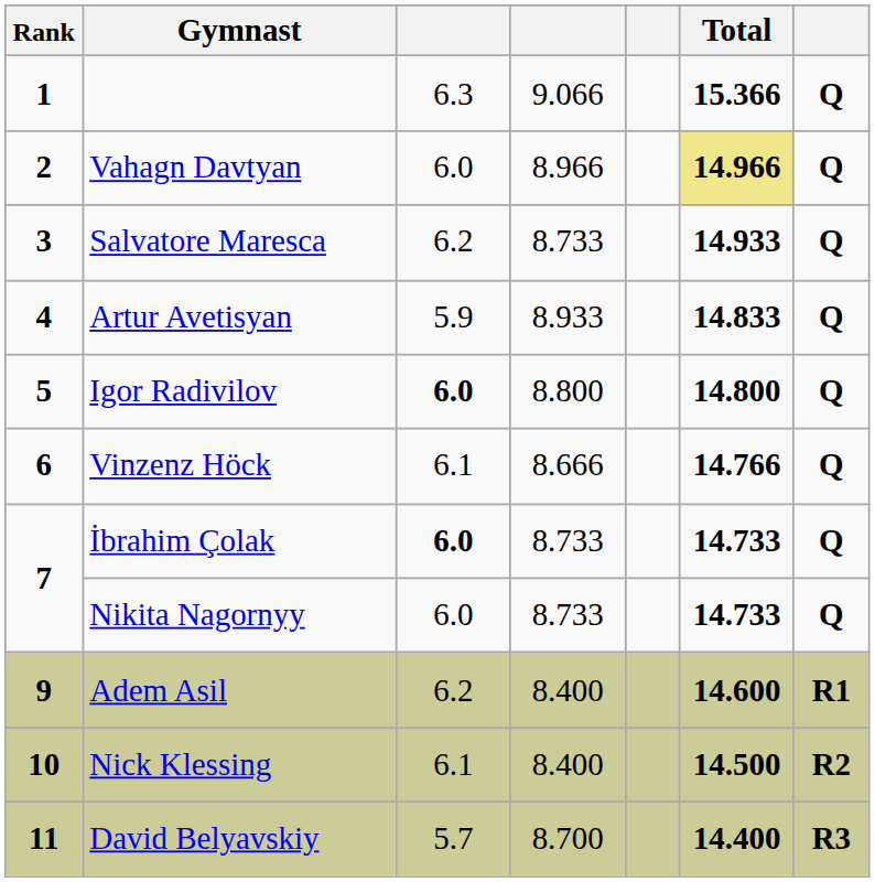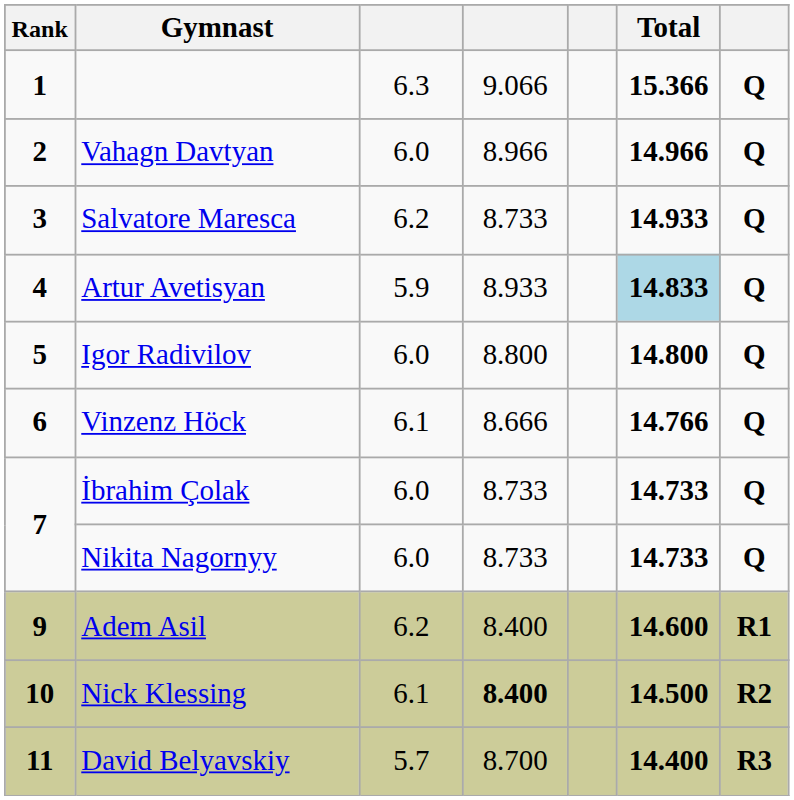 <table style="text-align:center;" class="wikitable sortable">
 <tr>
 <th scope="col" style="width:15px;"><small>Rank</small></th>
 <th scope="col" style="width:150px;">Gymnast</th>
 <th scope="col" style="width:50px;"><small></small></th>
 <th scope="col" style="width:50px;"><small></small></th>
 <th scope="col" style="width:20px;"><small></small></th>
 <th scope="col" style="width:50px;">Total</th>
 <th scope="col" style="width:30px;"><small></small></th>
 </tr>
 <tr>
 <td scope="row" style="text-align:center"><strong>1</strong></td>
 <td style="height:30px; text-align:left;"></td>
 <td>6.3</td>
 <td>9.066</td>
 <td></td>
 <td><strong>15.366</strong></td>
 <td><strong>Q</strong></td>
 </tr>
 <tr>
 <td scope="row" style="text-align:center"><strong>2</strong></td>
 <td style="height:30px; text-align:left;"> <a href='#'>Vahagn Davtyan</a></td>
 <td>6.0</td>
 <td>8.966</td>
 <td></td>
-<td style="background: khaki;"><strong>14.966</strong></td>
+<td><strong>14.966</strong></td>
 <td><strong>Q</strong></td>
 </tr>
 <tr>
 <td scope="row" style="text-align:center"><strong>3</strong></td>
 <td style="height:30px; text-align:left;"> <a href='#'>Salvatore Maresca</a></td>
 <td>6.2</td>
 <td>8.733</td>
 <td></td>
 <td><strong>14.933</strong></td>
 <td><strong>Q</strong></td>
 </tr>
 <tr>
 <td scope="row" style="text-align:center"><strong>4</strong></td>
 <td style="height:30px; text-align:left;"> <a href='#'>Artur Avetisyan</a></td>
 <td>5.9</td>
 <td>8.933</td>
 <td></td>
-<td><strong>14.833</strong></td>
+<td style="background: lightblue;"><strong>14.833</strong></td>
 <td><strong>Q</strong></td>
 </tr>
 <tr>
 <td scope="row" style="text-align:center"><strong>5</strong></td>
 <td style="height:30px; text-align:left;"> <a href='#'>Igor Radivilov</a></td>
-<td><strong>6.0</strong></td>
+<td>6.0</td>
 <td>8.800</td>
 <td></td>
 <td><strong>14.800</strong></td>
 <td><strong>Q</strong></td>
 </tr>
 <tr>
 <td scope="row" style="text-align:center"><strong>6</strong></td>
 <td style="height:30px; text-align:left;"> <a href='#'>Vinzenz Höck</a></td>
 <td>6.1</td>
 <td>8.666</td>
 <td></td>
 <td><strong>14.766</strong></td>
 <td><strong>Q</strong></td>
 </tr>
 <tr>
 <td rowspan=2 scope="row" style="text-align:center"><strong>7</strong></td>
 <td style="height:30px; text-align:left;"> <a href='#'>İbrahim Çolak</a></td>
-<td><strong>6.0</strong></td>
+<td>6.0</td>
 <td>8.733</td>
 <td></td>
 <td><strong>14.733</strong></td>
 <td><strong>Q</strong></td>
 </tr>
 <tr>
 <td style="height:30px; text-align:left;"> <a href='#'>Nikita Nagornyy</a></td>
 <td>6.0</td>
 <td>8.733</td>
 <td></td>
 <td><strong>14.733</strong></td>
 <td><strong>Q</strong></td>
 </tr>
 <tr style="background:#cccc99;">
 <td scope="row" style="text-align:center"><strong>9</strong></td>
 <td style="height:30px; text-align:left;"> <a href='#'>Adem Asil</a></td>
 <td>6.2</td>
 <td>8.400</td>
 <td></td>
 <td><strong>14.600</strong></td>
 <td><strong>R1</strong></td>
 </tr>
 <tr style="background:#cccc99;">
 <td scope="row" style="text-align:center"><strong>10</strong></td>
 <td style="height:30px; text-align:left;"> <a href='#'>Nick Klessing</a></td>
 <td>6.1</td>
-<td>8.400</td>
+<td><strong>8.400</strong></td>
 <td></td>
 <td><strong>14.500</strong></td>
 <td><strong>R2</strong></td>
 </tr>
 <tr style="background:#cccc99;">
 <td scope="row" style="text-align:center"><strong>11</strong></td>
 <td style="height:30px; text-align:left;"> <a href='#'>David Belyavskiy</a></td>
 <td>5.7</td>
 <td>8.700</td>
 <td></td>
 <td><strong>14.400</strong></td>
 <td><strong>R3</strong></td>
 </tr>
 </table>
